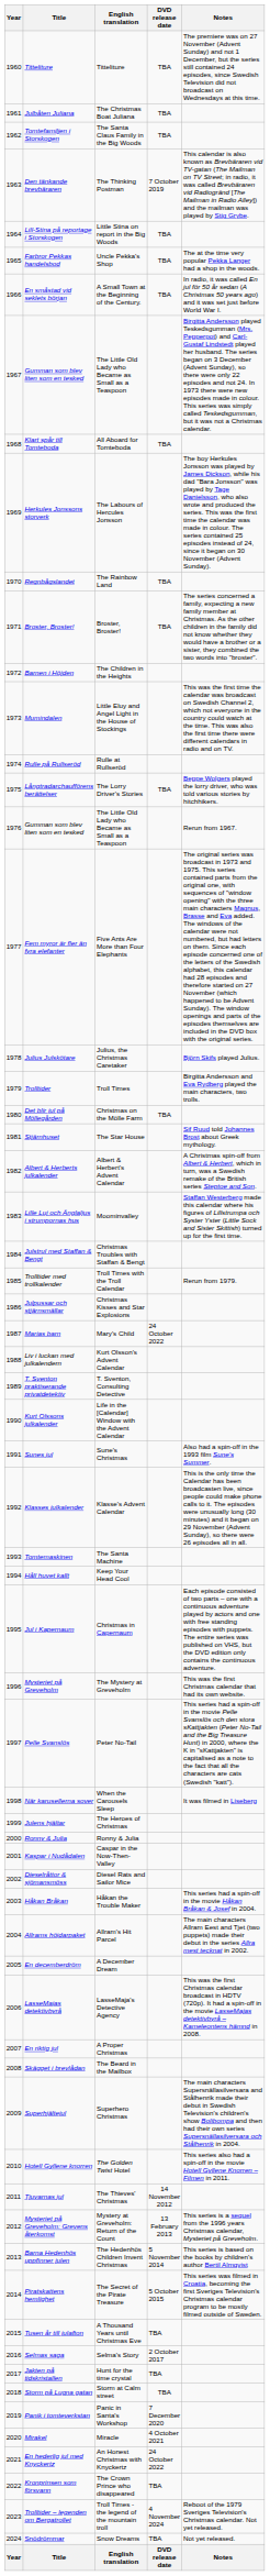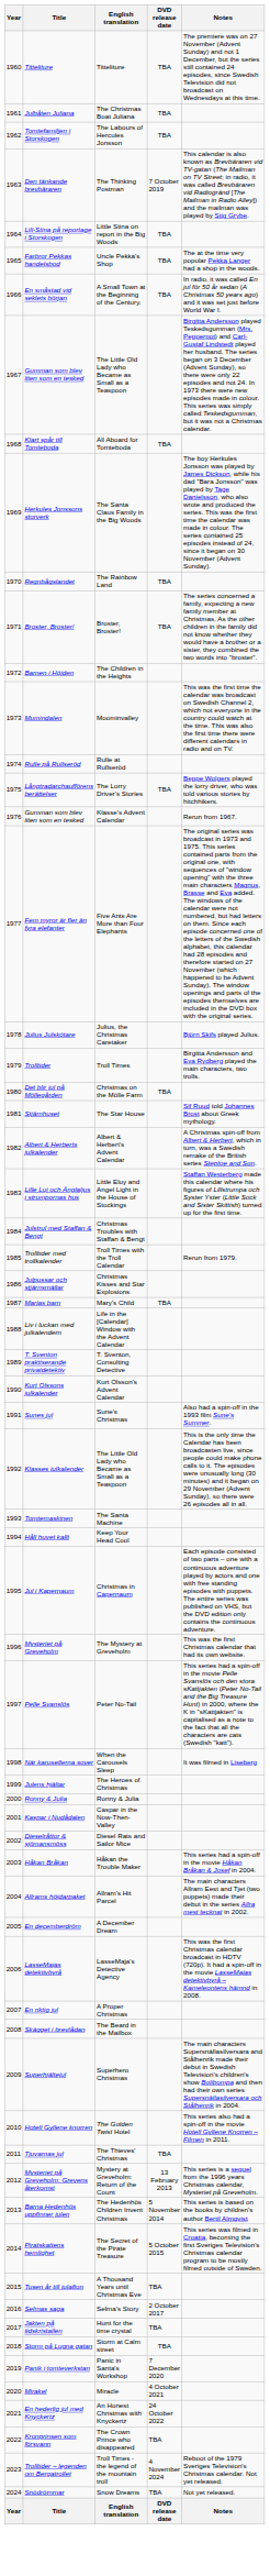 <table class="wikitable">
 <tr>
 <th>Year</th>
 <th width="20%">Title</th>
 <th width="20%">English translation</th>
 <th width="10%">DVD release date</th>
 <th>Notes</th>
 </tr>
 <tr>
 <td>1960</td>
 <td><em><a href='#'>Titteliture</a></em></td>
 <td>Titteliture</td>
 <td style="text-align:center;">TBA</td>
 <td>The premiere was on 27 November (Advent Sunday) and not 1 December, but the series still contained 24 episodes, since Swedish Television did not broadcast on Wednesdays at this time.</td>
 </tr>
 <tr>
 <td>1961</td>
 <td><em><a href='#'>Julbåten Juliana</a></em></td>
 <td>The Christmas Boat Juliana</td>
 <td style="text-align:center;">TBA</td>
 <td></td>
 </tr>
 <tr>
 <td>1962</td>
 <td><em><a href='#'>Tomtefamiljen i Storskogen</a></em></td>
-<td>The Santa Claus Family in the Big Woods</td>
+<td>The Labours of Hercules Jonsson</td>
 <td style="text-align:center;">TBA</td>
 <td></td>
 </tr>
 <tr>
 <td>1963</td>
 <td><em><a href='#'>Den tänkande brevbäraren</a></em></td>
 <td>The Thinking Postman</td>
 <td>7 October 2019</td>
 <td>This calendar is also known as <em>Brevbäraren vid TV-gatan</em> (<em>The Mailman on TV Street</em>; in radio, it was called <em>Brevbäraren vid Radiogränd</em> [<em>The Mailman in Radio Alley</em>]) and the mailman was played by <a href='#'>Stig Grybe</a>.</td>
 </tr>
 <tr>
 <td>1964</td>
 <td><em><a href='#'>Lill-Stina på reportage i Storskogen</a></em></td>
 <td>Little Stina on report in the Big Woods</td>
 <td style="text-align:center;">TBA</td>
 <td></td>
 </tr>
 <tr>
 <td>1965</td>
 <td><em><a href='#'>Farbror Pekkas handelsbod</a></em></td>
 <td>Uncle Pekka's Shop</td>
 <td style="text-align:center;">TBA</td>
 <td>The at the time very popular <a href='#'>Pekka Langer</a> had a shop in the woods.</td>
 </tr>
 <tr>
 <td>1966</td>
 <td><em><a href='#'>En småstad vid seklets början</a></em></td>
 <td>A Small Town at the Beginning of the Century.</td>
 <td style="text-align:center;">TBA</td>
 <td>In radio, it was called <em>En jul för 50 år sedan</em> (<em>A Christmas 50 years ago</em>) and it was set just before World War I.</td>
 </tr>
 <tr>
 <td>1967</td>
 <td><em><a href='#'>Gumman som blev liten som en tesked</a></em></td>
 <td>The Little Old Lady who Became as Small as a Teaspoon</td>
 <td style="text-align:center;"></td>
 <td><a href='#'>Birgitta Andersson</a> played Teskedsgumman (<a href='#'>Mrs. Pepperpot</a>) and <a href='#'>Carl-Gustaf Lindstedt</a> played her husband. The series began on 3 December (Advent Sunday), so there were only 22 episodes and not 24. In 1973 there were new episodes made in colour. This series was simply called <em>Teskedsgumman</em>, but it was not a Christmas calendar.</td>
 </tr>
 <tr>
 <td>1968</td>
 <td><em><a href='#'>Klart spår till Tomteboda</a></em></td>
 <td>All Aboard for Tomteboda</td>
 <td style="text-align:center;">TBA</td>
 <td></td>
 </tr>
 <tr>
 <td>1969</td>
 <td><em><a href='#'>Herkules Jonssons storverk</a></em></td>
-<td>The Labours of Hercules Jonsson</td>
+<td>The Santa Claus Family in the Big Woods</td>
 <td style="text-align:center;"></td>
 <td>The boy Herkules Jonsson was played by <a href='#'>James Dickson</a>, while his dad "Bara Jonsson" was played by <a href='#'>Tage Danielsson</a>, who also wrote and produced the series. This was the first time the calendar was made in colour. The series contained 25 episodes instead of 24, since it began on 30 November (Advent Sunday).</td>
 </tr>
 <tr>
 <td>1970</td>
 <td><em><a href='#'>Regnbågslandet</a></em></td>
 <td>The Rainbow Land</td>
 <td style="text-align:center;">TBA</td>
 <td></td>
 </tr>
 <tr>
 <td>1971</td>
 <td><em><a href='#'>Broster, Broster!</a></em></td>
 <td>Broster, Broster!</td>
 <td style="text-align:center;">TBA</td>
 <td>The series concerned a family, expecting a new family member at Christmas. As the other children in the family did not know whether they would have a brother or a sister, they combined the two words into "broster".</td>
 </tr>
 <tr>
 <td>1972</td>
 <td><em><a href='#'>Barnen i Höjden</a></em></td>
 <td>The Children in the Heights</td>
 <td style="text-align:center;"></td>
 <td></td>
 </tr>
 <tr>
 <td>1973</td>
 <td><em><a href='#'>Mumindalen</a></em></td>
-<td>Little Eluy and Angel Light in the House of Stockings</td>
+<td>Moominvalley</td>
 <td style="text-align:center;"></td>
 <td>This was the first time the calendar was broadcast on Swedish Channel 2, which not everyone in the country could watch at the time. This was also the first time there were different calendars in radio and on TV.</td>
 </tr>
 <tr>
 <td>1974</td>
 <td><em><a href='#'>Rulle på Rullseröd</a></em></td>
 <td>Rulle at Rullseröd</td>
 <td style="text-align:center;"></td>
 <td></td>
 </tr>
 <tr>
 <td>1975</td>
 <td><em><a href='#'>Långtradarchaufförens berättelser</a></em></td>
 <td>The Lorry Driver's Stories</td>
 <td style="text-align:center;">TBA</td>
 <td><a href='#'>Beppe Wolgers</a> played the lorry driver, who was told various stories by hitchhikers.</td>
 </tr>
 <tr>
 <td>1976</td>
 <td><em>Gumman som blev liten som en tesked</em></td>
-<td>The Little Old Lady who Became as Small as a Teaspoon</td>
+<td>Klasse's Advent Calendar</td>
 <td style="text-align:center;"></td>
 <td>Rerun from 1967.</td>
 </tr>
 <tr>
 <td>1977</td>
 <td><em><a href='#'>Fem myror är fler än fyra elefanter</a></em></td>
 <td>Five Ants Are More than Four Elephants</td>
 <td style="text-align:center;"></td>
 <td>The original series was broadcast in 1973 and 1975. This series contained parts from the original one, with sequences of "window opening" with the three main characters <a href='#'>Magnus</a>, <a href='#'>Brasse</a> and <a href='#'>Eva</a> added. The windows of the calendar were not numbered, but had letters on them. Since each episode concerned one of the letters of the Swedish alphabet, this calendar had 28 episodes and therefore started on 27 November (which happened to be Advent Sunday). The window openings and parts of the episodes themselves are included in the DVD box with the original series.</td>
 </tr>
 <tr>
 <td>1978</td>
 <td><em><a href='#'>Julius Julskötare</a></em></td>
 <td>Julius, the Christmas Caretaker</td>
 <td style="text-align:center;"></td>
 <td><a href='#'>Björn Skifs</a> played Julius.</td>
 </tr>
 <tr>
 <td>1979</td>
 <td><em><a href='#'>Trolltider</a></em></td>
 <td>Troll Times</td>
 <td style="text-align:center;"></td>
 <td>Birgitta Andersson and <a href='#'>Eva Rydberg</a> played the main characters, two trolls.</td>
 </tr>
 <tr>
 <td>1980</td>
 <td><em><a href='#'>Det blir jul på Möllegården</a></em></td>
 <td>Christmas on the Mölle Farm</td>
 <td style="text-align:center;">TBA</td>
 <td></td>
 </tr>
 <tr>
 <td>1981</td>
 <td><em><a href='#'>Stjärnhuset</a></em></td>
 <td>The Star House</td>
 <td style="text-align:center;"></td>
 <td><a href='#'>Sif Ruud</a> told <a href='#'>Johannes Brost</a> about Greek mythology.</td>
 </tr>
 <tr>
 <td>1982</td>
 <td><em><a href='#'>Albert & Herberts julkalender</a></em></td>
 <td>Albert & Herbert's Advent Calendar</td>
 <td style="text-align:center;"></td>
 <td>A Christmas spin-off from <em><a href='#'>Albert & Herbert</a></em>, which in turn, was a Swedish remake of the British series <em><a href='#'>Steptoe and Son</a></em>.</td>
 </tr>
 <tr>
 <td>1983</td>
 <td><em><a href='#'>Lille Luj och Änglaljus i strumpornas hus</a></em></td>
-<td>Moominvalley</td>
+<td>Little Eluy and Angel Light in the House of Stockings</td>
 <td style="text-align:center;"></td>
 <td><a href='#'>Staffan Westerberg</a> made this calendar where his figures of <em>Lillstrumpa och Syster Yster</em> (<em>Little Sock and Sister Skittish</em>) turned up for the first time.</td>
 </tr>
 <tr>
 <td>1984</td>
 <td><em><a href='#'>Julstrul med Staffan & Bengt</a></em></td>
 <td>Christmas Troubles with Staffan & Bengt</td>
 <td style="text-align:center;"></td>
 <td></td>
 </tr>
 <tr>
 <td>1985</td>
 <td><em>Trolltider med trollkalender</em></td>
 <td>Troll Times with the Troll Calendar</td>
 <td style="text-align:center;"></td>
 <td>Rerun from 1979.</td>
 </tr>
 <tr>
 <td>1986</td>
 <td><em><a href='#'>Julpussar och stjärnsmällar</a></em></td>
 <td>Christmas Kisses and Star Explosions</td>
 <td style="text-align:center;"></td>
 <td></td>
 </tr>
 <tr>
 <td>1987</td>
 <td><em><a href='#'>Marias barn</a></em></td>
 <td>Mary's Child</td>
-<td>24 October 2022</td>
+<td style="text-align:center;">TBA</td>
 <td></td>
 </tr>
 <tr>
 <td>1988</td>
 <td><em>Liv i luckan med julkalendern</em></td>
-<td>Kurt Olsson's Advent Calendar</td>
+<td>Life in the [Calendar] Window with the Advent Calendar</td>
 <td style="text-align:center;"></td>
 <td></td>
 </tr>
 <tr>
 <td>1989</td>
 <td><em><a href='#'>T. Sventon praktiserande privatdetektiv</a></em></td>
 <td>T. Sventon, Consulting Detective</td>
 <td style="text-align:center;"></td>
 <td></td>
 </tr>
 <tr>
 <td>1990</td>
 <td><em><a href='#'>Kurt Olssons julkalender</a></em></td>
-<td>Life in the [Calendar] Window with the Advent Calendar</td>
+<td>Kurt Olsson's Advent Calendar</td>
 <td style="text-align:center;"></td>
 <td></td>
 </tr>
 <tr>
 <td>1991</td>
 <td><em><a href='#'>Sunes jul</a></em></td>
 <td>Sune's Christmas</td>
 <td style="text-align:center;"></td>
 <td>Also had a spin-off in the 1993 film <em><a href='#'>Sune's Summer</a></em>.</td>
 </tr>
 <tr>
 <td>1992</td>
 <td><em><a href='#'>Klasses julkalender</a></em></td>
-<td>Klasse's Advent Calendar</td>
+<td>The Little Old Lady who Became as Small as a Teaspoon</td>
 <td style="text-align:center;"></td>
 <td>This is the only time the Calendar has been broadcasten live, since people could make phone calls to it. The episodes were unusually long (30 minutes) and it began on 29 November (Advent Sunday), so there were 26 episodes all in all.</td>
 </tr>
 <tr>
 <td>1993</td>
 <td><em><a href='#'>Tomtemaskinen</a></em></td>
 <td>The Santa Machine</td>
 <td style="text-align:center;"></td>
 <td></td>
 </tr>
 <tr>
 <td>1994</td>
 <td><em><a href='#'>Håll huvet kallt</a></em></td>
 <td>Keep Your Head Cool</td>
 <td style="text-align:center;"></td>
 <td></td>
 </tr>
 <tr>
 <td>1995</td>
 <td><em><a href='#'>Jul i Kapernaum</a></em></td>
 <td>Christmas in <a href='#'>Capernaum</a></td>
 <td style="text-align:center;"></td>
 <td>Each episode consisted of two parts – one with a continuous adventure played by actors and one with free standing episodes with puppets. The entire series was published on VHS, but the DVD edition only contains the continuous adventure.</td>
 </tr>
 <tr>
 <td>1996</td>
 <td><em><a href='#'>Mysteriet på Greveholm</a></em></td>
 <td>The Mystery at Greveholm</td>
 <td style="text-align:center;"></td>
 <td>This was the first Christmas calendar that had its own website.</td>
 </tr>
 <tr>
 <td>1997</td>
 <td><em><a href='#'>Pelle Svanslös</a></em></td>
 <td>Peter No-Tail</td>
 <td style="text-align:center;"></td>
 <td>This series had a spin-off in the movie <em>Pelle Svanslös och den stora sKattjakten</em> (<em>Peter No-Tail and the Big Treasure Hunt</em>) in 2000, where the K in "sKattjakten" is capitalised as a note to the fact that all the characters are cats (Swedish "katt").</td>
 </tr>
 <tr>
 <td>1998</td>
 <td><em><a href='#'>När karusellerna sover</a></em></td>
 <td>When the Carousels Sleep</td>
 <td style="text-align:center;"></td>
 <td>It was filmed in <a href='#'>Liseberg</a></td>
 </tr>
 <tr>
 <td>1999</td>
 <td><em><a href='#'>Julens hjältar</a></em></td>
 <td>The Heroes of Christmas</td>
 <td style="text-align:center;"></td>
 <td></td>
 </tr>
 <tr>
 <td>2000</td>
 <td><em><a href='#'>Ronny & Julia</a></em></td>
 <td>Ronny & Julia</td>
 <td style="text-align:center;"></td>
 <td></td>
 </tr>
 <tr>
 <td>2001</td>
 <td><em><a href='#'>Kaspar i Nudådalen</a></em></td>
 <td>Caspar in the Now-Then-Valley</td>
 <td style="text-align:center;"></td>
 <td></td>
 </tr>
 <tr>
 <td>2002</td>
 <td><em><a href='#'>Dieselråttor & sjömansmöss</a></em></td>
 <td>Diesel Rats and Sailor Mice</td>
 <td style="text-align:center;"></td>
 <td></td>
 </tr>
 <tr>
 <td>2003</td>
 <td><em><a href='#'>Håkan Bråkan</a></em></td>
 <td>Håkan the Trouble Maker</td>
 <td style="text-align:center;"></td>
 <td>This series had a spin-off in the movie <em><a href='#'>Håkan Bråkan & Josef</a></em> in 2004.</td>
 </tr>
 <tr>
 <td>2004</td>
 <td><em><a href='#'>Allrams höjdarpaket</a></em></td>
 <td>Allram's Hit Parcel</td>
 <td style="text-align:center;"></td>
 <td>The main characters Allram Eest and Tjet (two puppets) made their debut in the series <em><a href='#'>Allra mest tecknat</a></em> in 2002.</td>
 </tr>
 <tr>
 <td>2005</td>
 <td><em><a href='#'>En decemberdröm</a></em></td>
 <td>A December Dream</td>
 <td style="text-align:center;"></td>
 <td></td>
 </tr>
 <tr>
 <td>2006</td>
 <td><em><a href='#'>LasseMajas detektivbyrå</a></em></td>
 <td>LasseMaja's Detective Agency</td>
 <td style="text-align:center;"></td>
 <td>This was the first Christmas calendar broadcast in HDTV (720p). It had a spin-off in the movie <em><a href='#'>LasseMajas detektivbyrå – Kameleontens hämnd</a></em> in 2008.</td>
 </tr>
 <tr>
 <td>2007</td>
 <td><em><a href='#'>En riktig jul</a></em></td>
 <td>A Proper Christmas</td>
 <td style="text-align:center;"></td>
 <td></td>
 </tr>
 <tr>
 <td>2008</td>
 <td><em><a href='#'>Skägget i brevlådan</a></em></td>
 <td>The Beard in the Mailbox</td>
 <td style="text-align:center;"></td>
 <td></td>
 </tr>
 <tr>
 <td>2009</td>
 <td><em><a href='#'>Superhjältejul</a></em></td>
 <td>Superhero Christmas</td>
 <td style="text-align:center;"></td>
 <td>The main characters Supersnällasilversara and Stålhenrik made their debut in Swedish Television's children's show <em><a href='#'>Bolibompa</a></em> and then had their own series <em><a href='#'>Supersnällasilversara och Stålhenrik</a></em> in 2004.</td>
 </tr>
 <tr>
 <td>2010</td>
 <td><em><a href='#'>Hotell Gyllene knorren</a></em></td>
 <td><em>The Golden Twist</em> Hotel</td>
 <td style="text-align:center;"></td>
 <td>This series also had a spin-off in the movie <em><a href='#'>Hotell Gyllene Knorren – Filmen</a></em> in 2011.</td>
 </tr>
 <tr>
 <td>2011</td>
 <td><em><a href='#'>Tjuvarnas jul</a></em></td>
 <td>The Thieves' Christmas</td>
-<td style="text-align:center;">14 November 2012</td>
+<td style="text-align:center;">TBA</td>
 <td></td>
 </tr>
 <tr>
 <td>2012</td>
 <td><em><a href='#'>Mysteriet på Greveholm: Grevens återkomst</a></em></td>
 <td>Mystery at Greveholm: Return of the Count</td>
 <td style="text-align:center;">13 February 2013</td>
 <td>This series is a <a href='#'>sequel</a> from the 1996 years Christmas calendar, <em>Mysteriet på Greveholm</em>.</td>
 </tr>
 <tr>
 <td>2013</td>
 <td><em><a href='#'>Barna Hedenhös uppfinner julen</a></em></td>
 <td>The Hedenhös Children Invent Christmas</td>
 <td>5 November 2014</td>
 <td>This series is based on the books by children's author <a href='#'>Bertil Almqvist</a></td>
 </tr>
 <tr>
 <td>2014</td>
 <td><em><a href='#'>Piratskattens hemlighet</a></em></td>
 <td>The Secret of the Pirate Treasure</td>
 <td>5 October 2015</td>
 <td>This series was filmed in <a href='#'>Croatia</a>, becoming the first Sveriges Television's Christmas calendar program to be mostly filmed outside of Sweden.</td>
 </tr>
 <tr>
 <td>2015</td>
 <td><em><a href='#'>Tusen år till julafton</a></em></td>
 <td>A Thousand Years until Christmas Eve</td>
 <td>TBA</td>
 <td></td>
 </tr>
 <tr>
 <td>2016</td>
 <td><em><a href='#'>Selmas saga</a></em></td>
 <td>Selma's Story</td>
 <td>2 October 2017</td>
 <td></td>
 </tr>
 <tr>
 <td>2017</td>
 <td><em><a href='#'>Jakten på tidskristallen</a></em></td>
 <td>Hunt for the time crystal</td>
 <td>TBA</td>
 <td></td>
 </tr>
 <tr>
 <td>2018</td>
 <td><em><a href='#'>Storm på Lugna gatan</a></em></td>
 <td>Storm at Calm street</td>
 <td style="text-align:center;">TBA</td>
 <td></td>
 </tr>
 <tr>
 <td>2019</td>
 <td><em><a href='#'>Panik i tomteverkstan</a></em></td>
 <td>Panic in Santa's Workshop</td>
 <td>7 December 2020</td>
 <td></td>
 </tr>
 <tr>
 <td>2020</td>
 <td><em><a href='#'>Mirakel</a></em></td>
 <td>Miracle</td>
 <td>4 October 2021</td>
 <td></td>
 </tr>
 <tr>
 <td>2021</td>
 <td><em><a href='#'>En hederlig jul med Knyckertz</a></em></td>
 <td>An Honest Christmas with Knyckertz</td>
 <td>24 October 2022</td>
 <td></td>
 </tr>
 <tr>
 <td>2022</td>
 <td><em><a href='#'>Kronprinsen som försvann</a></em></td>
 <td>The Crown Prince who disappeared</td>
 <td>TBA</td>
 <td></td>
 </tr>
 <tr>
 <td>2023</td>
 <td><em><a href='#'>Trolltider – legenden om Bergatrollet</a></em></td>
 <td>Troll Times - the legend of the mountain troll</td>
 <td>4 November 2024</td>
 <td>Reboot of the 1979 Sveriges Television's Christmas calendar. Not yet released.</td>
 </tr>
 <tr>
 <td>2024</td>
 <td><a href='#'>Snödrömmar</a></td>
 <td>Snow Dreams</td>
 <td>TBA</td>
 <td>Not yet released.</td>
 </tr>
 <tr>
 <th>Year</th>
 <th>Title</th>
 <th>English translation</th>
 <th>DVD release date</th>
 <th>Notes</th>
 </tr>
 </table>
